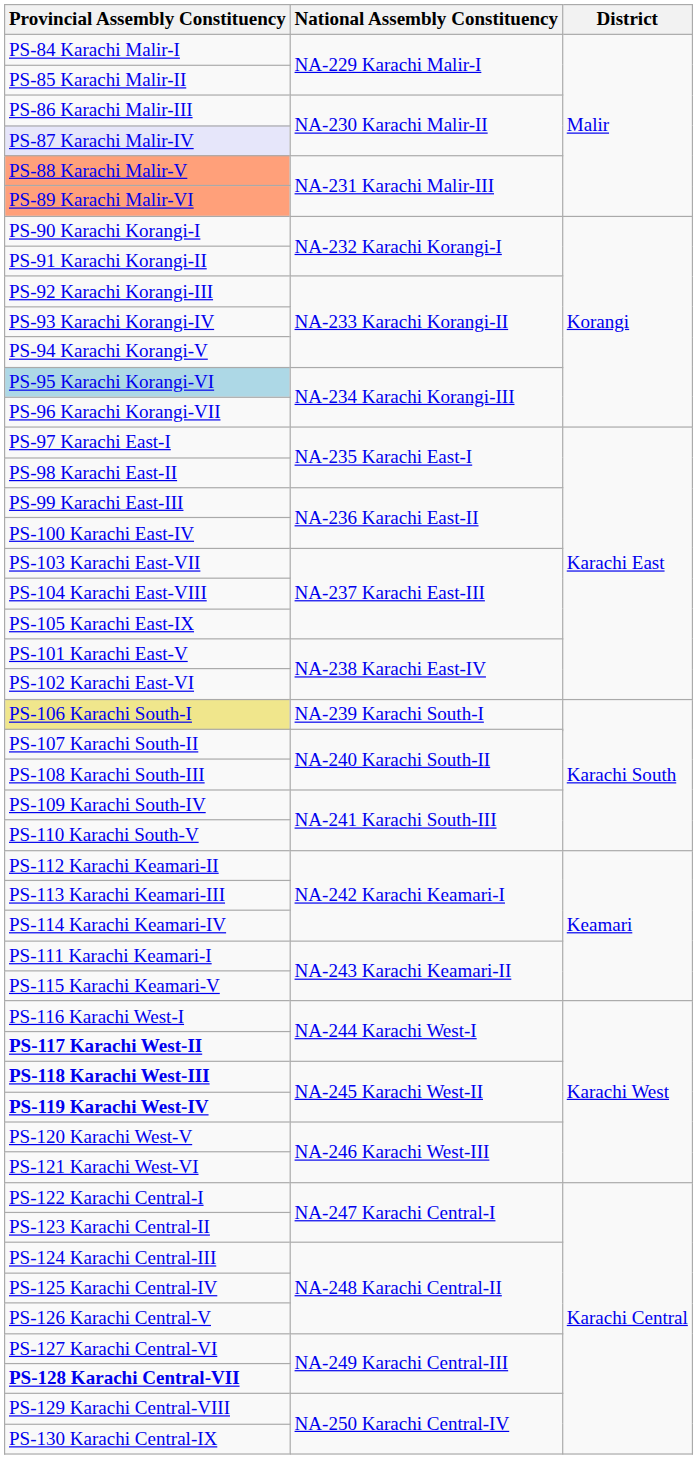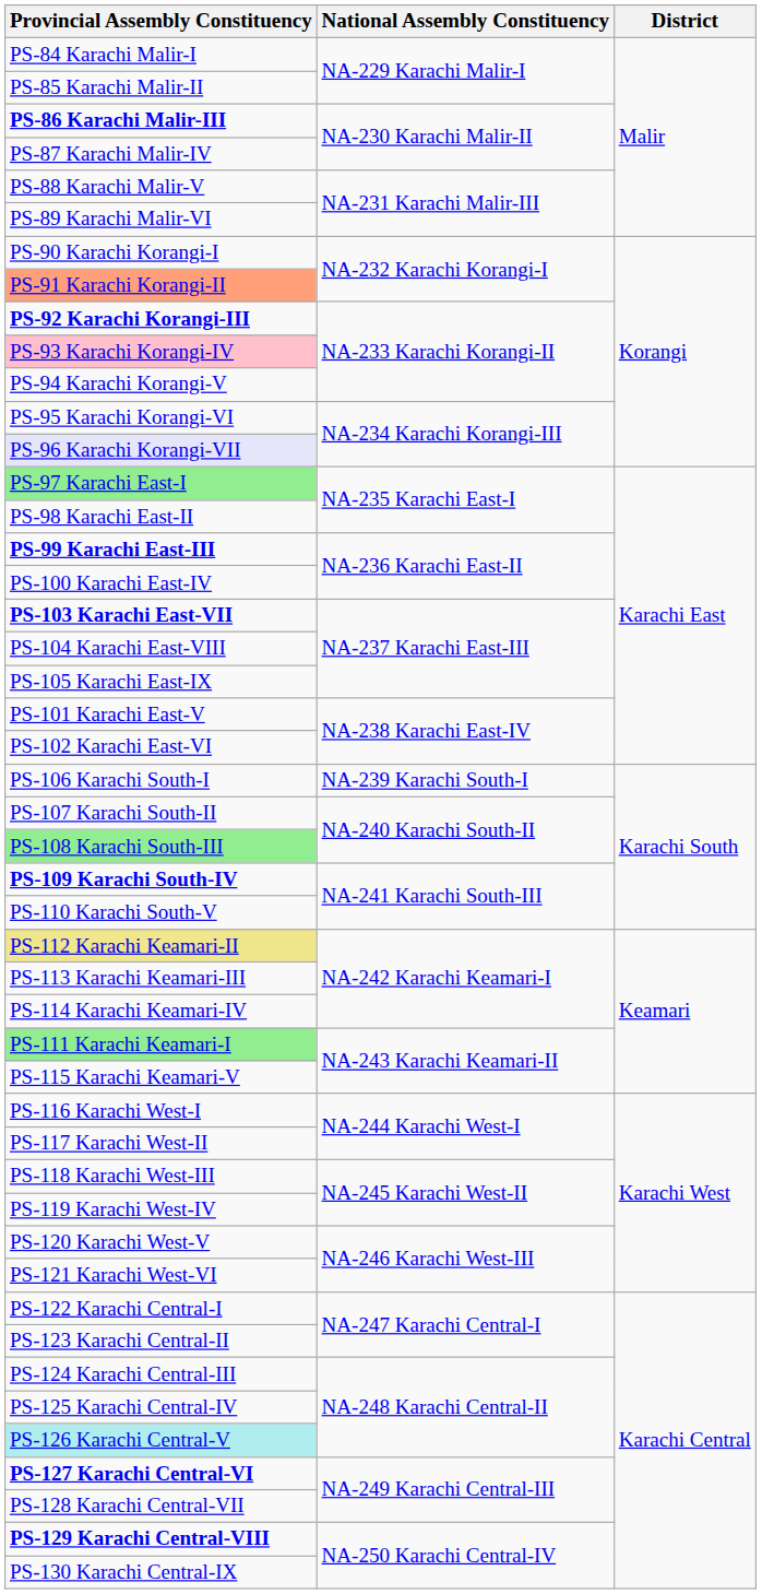 <table class="wikitable sortable static-row-numbers static-row-header-hash">
 <tr>
 <th>Provincial Assembly Constituency</th>
 <th>National Assembly Constituency</th>
 <th>District</th>
 </tr>
 <tr>
 <td><a href='#'>PS-84 Karachi Malir-I</a></td>
 <td rowspan="2"><a href='#'>NA-229 Karachi Malir-I</a></td>
 <td rowspan="6"><a href='#'>Malir</a></td>
 </tr>
 <tr>
 <td><a href='#'>PS-85 Karachi Malir-II</a></td>
 </tr>
 <tr>
-<td><a href='#'>PS-86 Karachi Malir-III</a></td>
+<td><strong><a href='#'>PS-86 Karachi Malir-III</a></strong></td>
 <td rowspan="2"><a href='#'>NA-230 Karachi Malir-II</a></td>
 </tr>
 <tr>
-<td style="background: lavender;"><a href='#'>PS-87 Karachi Malir-IV</a></td>
+<td><a href='#'>PS-87 Karachi Malir-IV</a></td>
 </tr>
 <tr>
-<td style="background: lightsalmon;"><a href='#'>PS-88 Karachi Malir-V</a></td>
+<td><a href='#'>PS-88 Karachi Malir-V</a></td>
 <td rowspan="2"><a href='#'>NA-231 Karachi Malir-III</a></td>
 </tr>
 <tr>
-<td style="background: lightsalmon;"><a href='#'>PS-89 Karachi Malir-VI</a></td>
+<td><a href='#'>PS-89 Karachi Malir-VI</a></td>
 </tr>
 <tr>
 <td><a href='#'>PS-90 Karachi Korangi-I</a></td>
 <td rowspan="2"><a href='#'>NA-232 Karachi Korangi-I</a></td>
 <td rowspan="7"><a href='#'>Korangi</a></td>
 </tr>
 <tr>
-<td><a href='#'>PS-91 Karachi Korangi-II</a></td>
+<td style="background: lightsalmon;"><a href='#'>PS-91 Karachi Korangi-II</a></td>
 </tr>
 <tr>
-<td><a href='#'>PS-92 Karachi Korangi-III</a></td>
+<td><strong><a href='#'>PS-92 Karachi Korangi-III</a></strong></td>
 <td rowspan="3"><a href='#'>NA-233 Karachi Korangi-II</a></td>
 </tr>
 <tr>
-<td><a href='#'>PS-93 Karachi Korangi-IV</a></td>
+<td style="background: pink;"><a href='#'>PS-93 Karachi Korangi-IV</a></td>
 </tr>
 <tr>
 <td><a href='#'>PS-94 Karachi Korangi-V</a></td>
 </tr>
 <tr>
-<td style="background: lightblue;"><a href='#'>PS-95 Karachi Korangi-VI</a></td>
+<td><a href='#'>PS-95 Karachi Korangi-VI</a></td>
 <td rowspan="2"><a href='#'>NA-234 Karachi Korangi-III</a></td>
 </tr>
 <tr>
-<td><a href='#'>PS-96 Karachi Korangi-VII</a></td>
+<td style="background: lavender;"><a href='#'>PS-96 Karachi Korangi-VII</a></td>
 </tr>
 <tr>
-<td><a href='#'>PS-97 Karachi East-I</a></td>
+<td style="background: lightgreen;"><a href='#'>PS-97 Karachi East-I</a></td>
 <td rowspan="2"><a href='#'>NA-235 Karachi East-I</a></td>
 <td rowspan="9"><a href='#'>Karachi East</a></td>
 </tr>
 <tr>
 <td><a href='#'>PS-98 Karachi East-II</a></td>
 </tr>
 <tr>
-<td><a href='#'>PS-99 Karachi East-III</a></td>
+<td><strong><a href='#'>PS-99 Karachi East-III</a></strong></td>
 <td rowspan="2"><a href='#'>NA-236 Karachi East-II</a></td>
 </tr>
 <tr>
 <td><a href='#'>PS-100 Karachi East-IV</a></td>
 </tr>
 <tr>
-<td><a href='#'>PS-103 Karachi East-VII</a></td>
+<td><strong><a href='#'>PS-103 Karachi East-VII</a></strong></td>
 <td rowspan="3"><a href='#'>NA-237 Karachi East-III</a></td>
 </tr>
 <tr>
 <td><a href='#'>PS-104 Karachi East-VIII</a></td>
 </tr>
 <tr>
 <td><a href='#'>PS-105 Karachi East-IX</a></td>
 </tr>
 <tr>
 <td><a href='#'>PS-101 Karachi East-V</a></td>
 <td rowspan="2"><a href='#'>NA-238 Karachi East-IV</a></td>
 </tr>
 <tr>
 <td><a href='#'>PS-102 Karachi East-VI</a></td>
 </tr>
 <tr>
-<td style="background: khaki;"><a href='#'>PS-106 Karachi South-I</a></td>
+<td><a href='#'>PS-106 Karachi South-I</a></td>
 <td rowspan="2"><a href='#'>NA-239 Karachi South-I</a></td>
 <td rowspan="6"><a href='#'>Karachi South</a></td>
 </tr>
 <tr>
 <td rowspan="2"><a href='#'>PS-107 Karachi South-II</a></td>
 </tr>
 <tr>
 <td rowspan="2"><a href='#'>NA-240 Karachi South-II</a></td>
 </tr>
 <tr>
-<td><a href='#'>PS-108 Karachi South-III</a></td>
+<td style="background: lightgreen;"><a href='#'>PS-108 Karachi South-III</a></td>
 </tr>
 <tr>
-<td><a href='#'>PS-109 Karachi South-IV</a></td>
+<td><strong><a href='#'>PS-109 Karachi South-IV</a></strong></td>
 <td rowspan="2"><a href='#'>NA-241 Karachi South-III</a></td>
 </tr>
 <tr>
 <td><a href='#'>PS-110 Karachi South-V</a></td>
 </tr>
 <tr>
-<td><a href='#'>PS-112 Karachi Keamari-II</a></td>
+<td style="background: khaki;"><a href='#'>PS-112 Karachi Keamari-II</a></td>
 <td rowspan="3"><a href='#'>NA-242 Karachi Keamari-I</a></td>
 <td rowspan="5"><a href='#'>Keamari</a></td>
 </tr>
 <tr>
 <td><a href='#'>PS-113 Karachi Keamari-III</a></td>
 </tr>
 <tr>
 <td><a href='#'>PS-114 Karachi Keamari-IV</a></td>
 </tr>
 <tr>
-<td><a href='#'>PS-111 Karachi Keamari-I</a></td>
+<td style="background: lightgreen;"><a href='#'>PS-111 Karachi Keamari-I</a></td>
 <td rowspan="2"><a href='#'>NA-243 Karachi Keamari-II</a></td>
 </tr>
 <tr>
 <td><a href='#'>PS-115 Karachi Keamari-V</a></td>
 </tr>
 <tr>
 <td><a href='#'>PS-116 Karachi West-I</a></td>
 <td rowspan="2"><a href='#'>NA-244 Karachi West-I</a></td>
 <td rowspan="6"><a href='#'>Karachi West</a></td>
 </tr>
 <tr>
-<td><strong><a href='#'>PS-117 Karachi West-II</a></strong></td>
+<td><a href='#'>PS-117 Karachi West-II</a></td>
 </tr>
 <tr>
-<td><strong><a href='#'>PS-118 Karachi West-III</a></strong></td>
+<td><a href='#'>PS-118 Karachi West-III</a></td>
 <td rowspan="2"><a href='#'>NA-245 Karachi West-II</a></td>
 </tr>
 <tr>
-<td><strong><a href='#'>PS-119 Karachi West-IV</a></strong></td>
+<td><a href='#'>PS-119 Karachi West-IV</a></td>
 </tr>
 <tr>
 <td><a href='#'>PS-120 Karachi West-V</a></td>
 <td rowspan="2"><a href='#'>NA-246 Karachi West-III</a></td>
 </tr>
 <tr>
 <td><a href='#'>PS-121 Karachi West-VI</a></td>
 </tr>
 <tr>
 <td><a href='#'>PS-122 Karachi Central-I</a></td>
 <td rowspan="2"><a href='#'>NA-247 Karachi Central-I</a></td>
 <td rowspan="9"><a href='#'>Karachi Central</a></td>
 </tr>
 <tr>
 <td><a href='#'>PS-123 Karachi Central-II</a></td>
 </tr>
 <tr>
 <td><a href='#'>PS-124 Karachi Central-III</a></td>
 <td rowspan="3"><a href='#'>NA-248 Karachi Central-II</a></td>
 </tr>
 <tr>
 <td><a href='#'>PS-125 Karachi Central-IV</a></td>
 </tr>
 <tr>
-<td><a href='#'>PS-126 Karachi Central-V</a></td>
+<td style="background: paleturquoise;"><a href='#'>PS-126 Karachi Central-V</a></td>
 </tr>
 <tr>
-<td><a href='#'>PS-127 Karachi Central-VI</a></td>
+<td><strong><a href='#'>PS-127 Karachi Central-VI</a></strong></td>
 <td rowspan="2"><a href='#'>NA-249 Karachi Central-III</a></td>
 </tr>
 <tr>
-<td><strong><a href='#'>PS-128 Karachi Central-VII</a></strong></td>
+<td><a href='#'>PS-128 Karachi Central-VII</a></td>
 </tr>
 <tr>
-<td><a href='#'>PS-129 Karachi Central-VIII</a></td>
+<td><strong><a href='#'>PS-129 Karachi Central-VIII</a></strong></td>
 <td rowspan="2"><a href='#'>NA-250 Karachi Central-IV</a></td>
 </tr>
 <tr>
 <td><a href='#'>PS-130 Karachi Central-IX</a></td>
 </tr>
 </table>
